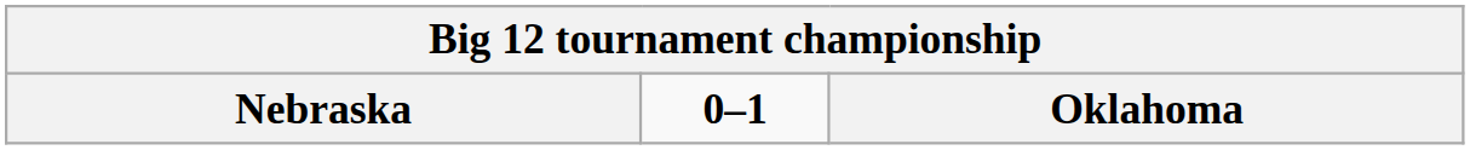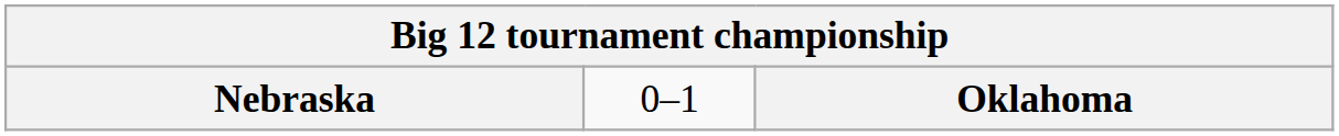 <table class="wikitable">
 <tr>
 <th style="width: 535px;" colspan=3>Big 12 tournament championship</th>
 </tr>
 <tr>
 <th style="width: 219px; ">Nebraska</th>
-<td style="width: 60px; text-align:center"><strong>0–1</strong></td>
+<td style="width: 60px; text-align:center">0–1</td>
 <th style="width: 219px; ">Oklahoma</th>
 </tr>
 </table>
